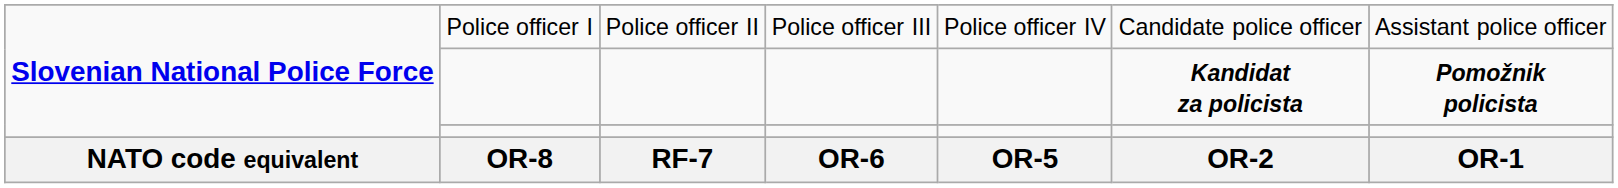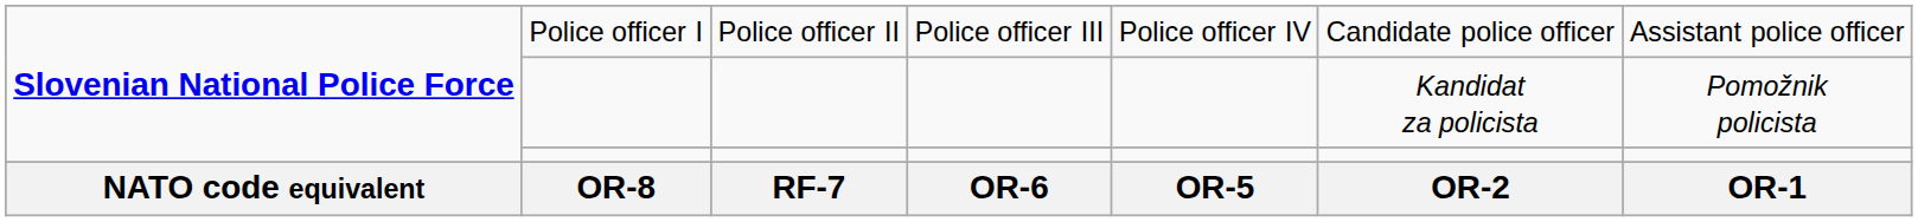 <table class="wikitable" style="text-align:center">
 <tr>
 <td rowspan=3><strong> <a href='#'>Slovenian National Police Force</a></strong></td>
 <td><small>Police officer</small> <small>I</small></td>
 <td><small>Police officer</small> <small>II</small></td>
 <td><small>Police officer</small> <small>III</small></td>
 <td><small>Police officer</small> <small>IV</small></td>
 <td><small>Candidate</small> <small>police officer</small></td>
 <td><small>Assistant</small> <small>police officer</small></td>
 </tr>
 <tr>
 <td><small></small></td>
 <td><small></small></td>
 <td><small></small></td>
 <td><small></small></td>
-<td><strong><small><em>Kandidat</em></small> <br><small><em>za policista</em></small></strong></td>
-<td><strong><small><em>Pomožnik</em></small> <br><small><em>policista</em></small></strong></td>
+<td><small><em>Kandidat</em></small> <br><small><em>za policista</em></small></td>
+<td><small><em>Pomožnik</em></small> <br><small><em>policista</em></small></td>
 </tr>
 <tr>
 <td></td>
 <td></td>
 <td></td>
 <td></td>
 <td></td>
 <td></td>
 </tr>
 <tr>
 <th>NATO code <small>equivalent</small></th>
 <th>OR-8</th>
 <th>RF-7</th>
 <th>OR-6</th>
 <th>OR-5</th>
 <th>OR-2</th>
 <th>OR-1</th>
 </tr>
 </table>
